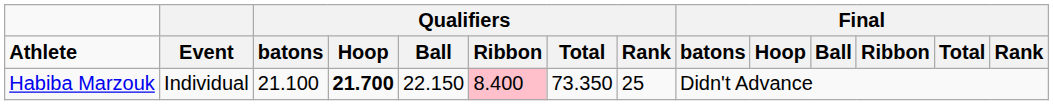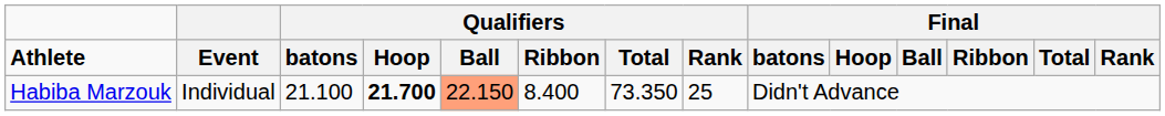 <table class="wikitable">
 <tr>
 <td></td>
 <th></th>
 <th colspan="6">Qualifiers</th>
 <th colspan="6">Final</th>
 </tr>
 <tr>
 <td><strong>Athlete</strong></td>
 <th>Event</th>
 <th>batons</th>
 <th>Hoop<br></th>
 <th>Ball<br></th>
 <th>Ribbon<br></th>
 <th>Total</th>
 <th>Rank</th>
 <th>batons</th>
 <th>Hoop<br></th>
 <th>Ball<br></th>
 <th>Ribbon<br></th>
 <th>Total</th>
 <th>Rank</th>
 </tr>
 <tr>
 <td><a href='#'>Habiba Marzouk</a></td>
 <td>Individual</td>
 <td>21.100</td>
 <td><strong>21.700</strong></td>
-<td>22.150</td>
-<td style="background: pink;">8.400</td>
+<td style="background: lightsalmon;">22.150</td>
+<td>8.400</td>
 <td>73.350</td>
 <td>25</td>
 <td colspan="6">Didn't Advance</td>
 </tr>
 </table>
